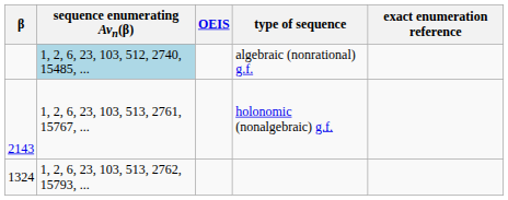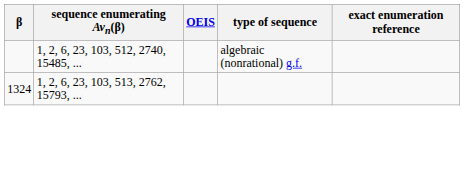 <table class="wikitable" style="text-align:left;" border="1" cell-padding="2">
 <tr>
 <th>β</th>
 <th>sequence enumerating <em>Av<sub>n</sub></em>(β)</th>
 <th><a href='#'>OEIS</a></th>
 <th>type of sequence</th>
 <th>exact enumeration reference</th>
 </tr>
 <tr>
 <td><br> <br> </td>
-<td style="background: lightblue;">1, 2, 6, 23, 103, 512, 2740, 15485, ...</td>
+<td>1, 2, 6, 23, 103, 512, 2740, 15485, ...</td>
 <td></td>
 <td>algebraic (nonrational) <a href='#'>g.f.</a></td>
-<td></td>
-</tr>
-<tr>
-<td><br> <br>  <br>  <br> <a href='#'>2143</a></td>
-<td>1, 2, 6, 23, 103, 513, 2761, 15767, ...</td>
-<td></td>
-<td><a href='#'>holonomic</a> (nonalgebraic) <a href='#'>g.f.</a></td>
 <td></td>
 </tr>
 <tr>
 <td>1324</td>
 <td>1, 2, 6, 23, 103, 513, 2762, 15793, ...</td>
 <td></td>
 <td></td>
 <td></td>
 </tr>
 </table>
